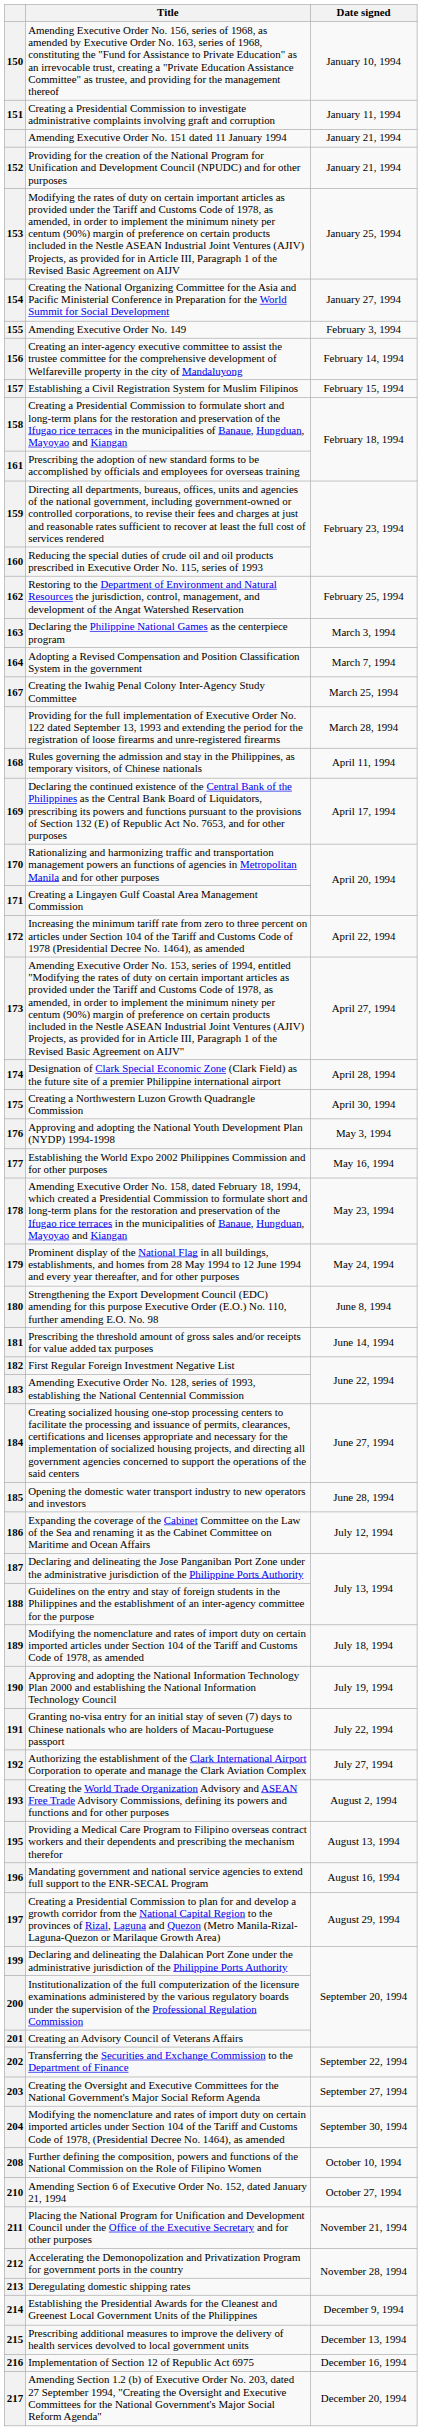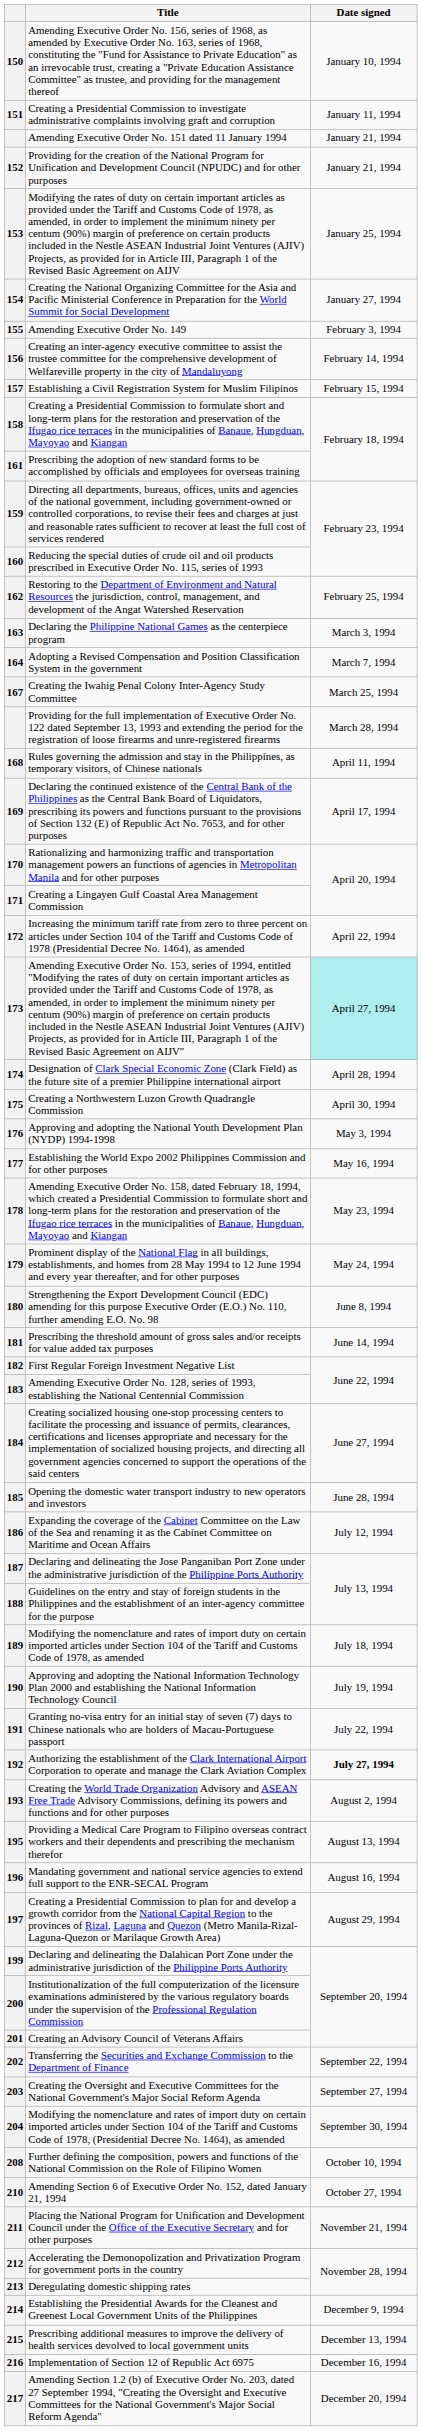 <table class="wikitable sortable" style="text-align:center;">
 <tr>
 <th scope="col"></th>
 <th scope="col">Title</th>
 <th scope="col" width="150px">Date signed</th>
 </tr>
 <tr>
 <th scope="row">150</th>
 <td style="text-align:left;">Amending Executive Order No. 156, series of 1968, as amended by Executive Order No. 163, series of 1968, constituting the "Fund for Assistance to Private Education" as an irrevocable trust, creating a "Private Education Assistance Committee" as trustee, and providing for the management thereof</td>
 <td>January 10, 1994</td>
 </tr>
 <tr>
 <th scope="row">151</th>
 <td style="text-align:left;">Creating a Presidential Commission to investigate administrative complaints involving graft and corruption</td>
 <td>January 11, 1994</td>
 </tr>
 <tr>
 <th scope="row"></th>
 <td style="text-align:left;">Amending Executive Order No. 151 dated 11 January 1994</td>
 <td>January 21, 1994</td>
 </tr>
 <tr>
 <th scope="row">152</th>
 <td style="text-align:left;">Providing for the creation of the National Program for Unification and Development Council (NPUDC) and for other purposes</td>
 <td>January 21, 1994</td>
 </tr>
 <tr>
 <th scope="row">153</th>
 <td style="text-align:left;">Modifying the rates of duty on certain important articles as provided under the Tariff and Customs Code of 1978, as amended, in order to implement the minimum ninety per centum (90%) margin of preference on certain products included in the Nestle ASEAN Industrial Joint Ventures (AJIV) Projects, as provided for in Article III, Paragraph 1 of the Revised Basic Agreement on AIJV</td>
 <td>January 25, 1994</td>
 </tr>
 <tr>
 <th scope="row">154</th>
 <td style="text-align:left;">Creating the National Organizing Committee for the Asia and Pacific Ministerial Conference in Preparation for the <a href='#'>World Summit for Social Development</a></td>
 <td>January 27, 1994</td>
 </tr>
 <tr>
 <th scope="row">155</th>
 <td style="text-align:left;">Amending Executive Order No. 149</td>
 <td>February 3, 1994</td>
 </tr>
 <tr>
 <th scope="row">156</th>
 <td style="text-align:left;">Creating an inter-agency executive committee to assist the trustee committee for the comprehensive development of Welfareville property in the city of <a href='#'>Mandaluyong</a></td>
 <td>February 14, 1994</td>
 </tr>
 <tr>
 <th scope="row">157</th>
 <td style="text-align:left;">Establishing a Civil Registration System for Muslim Filipinos</td>
 <td>February 15, 1994</td>
 </tr>
 <tr>
 <th scope="row">158</th>
 <td style="text-align:left;">Creating a Presidential Commission to formulate short and long-term plans for the restoration and preservation of the <a href='#'>Ifugao rice terraces</a> in the municipalities of <a href='#'>Banaue</a>, <a href='#'>Hungduan</a>, <a href='#'>Mayoyao</a> and <a href='#'>Kiangan</a></td>
 <td rowspan="2">February 18, 1994</td>
 </tr>
 <tr>
 <th scope="row">161</th>
 <td style="text-align:left;">Prescribing the adoption of new standard forms to be accomplished by officials and employees for overseas training</td>
 </tr>
 <tr>
 <th scope="row">159</th>
 <td style="text-align:left;">Directing all departments, bureaus, offices, units and agencies of the national government, including government-owned or controlled corporations, to revise their fees and charges at just and reasonable rates sufficient to recover at least the full cost of services rendered</td>
 <td rowspan="2">February 23, 1994</td>
 </tr>
 <tr>
 <th scope="row">160</th>
 <td style="text-align:left;">Reducing the special duties of crude oil and oil products prescribed in Executive Order No. 115, series of 1993</td>
 </tr>
 <tr>
 <th scope="row">162</th>
 <td style="text-align:left;">Restoring to the <a href='#'>Department of Environment and Natural Resources</a> the jurisdiction, control, management, and development of the Angat Watershed Reservation</td>
 <td>February 25, 1994</td>
 </tr>
 <tr>
 <th scope="row">163</th>
 <td style="text-align:left;">Declaring the <a href='#'>Philippine National Games</a> as the centerpiece program</td>
 <td>March 3, 1994</td>
 </tr>
 <tr>
 <th scope="row">164</th>
 <td style="text-align:left;">Adopting a Revised Compensation and Position Classification System in the government</td>
 <td>March 7, 1994</td>
 </tr>
 <tr>
 <th scope="row">167</th>
 <td style="text-align:left;">Creating the Iwahig Penal Colony Inter-Agency Study Committee</td>
 <td>March 25, 1994</td>
 </tr>
 <tr>
 <th scope="row"></th>
 <td style="text-align:left;">Providing for the full implementation of Executive Order No. 122 dated September 13, 1993 and extending the period for the registration of loose firearms and unre-registered firearms</td>
 <td>March 28, 1994</td>
 </tr>
 <tr>
 <th scope="row">168</th>
 <td style="text-align:left;">Rules governing the admission and stay in the Philippines, as temporary visitors, of Chinese nationals</td>
 <td>April 11, 1994</td>
 </tr>
 <tr>
 <th scope="row">169</th>
 <td style="text-align:left;">Declaring the continued existence of the <a href='#'>Central Bank of the Philippines</a> as the Central Bank Board of Liquidators, prescribing its powers and functions pursuant to the provisions of Section 132 (E) of Republic Act No. 7653, and for other purposes</td>
 <td>April 17, 1994</td>
 </tr>
 <tr>
 <th scope="row">170</th>
 <td style="text-align:left;">Rationalizing and harmonizing traffic and transportation management powers an functions of agencies in <a href='#'>Metropolitan Manila</a> and for other purposes</td>
 <td rowspan="2">April 20, 1994</td>
 </tr>
 <tr>
 <th scope="row">171</th>
 <td style="text-align:left;">Creating a Lingayen Gulf Coastal Area Management Commission</td>
 </tr>
 <tr>
 <th scope="row">172</th>
 <td style="text-align:left;">Increasing the minimum tariff rate from zero to three percent on articles under Section 104 of the Tariff and Customs Code of 1978 (Presidential Decree No. 1464), as amended</td>
 <td>April 22, 1994</td>
 </tr>
 <tr>
 <th scope="row">173</th>
 <td style="text-align:left;">Amending Executive Order No. 153, series of 1994, entitled "Modifying the rates of duty on certain important articles as provided under the Tariff and Customs Code of 1978, as amended, in order to implement the minimum ninety per centum (90%) margin of preference on certain products included in the Nestle ASEAN Industrial Joint Ventures (AJIV) Projects, as provided for in Article III, Paragraph 1 of the Revised Basic Agreement on AIJV"</td>
-<td>April 27, 1994</td>
+<td style="background: paleturquoise;">April 27, 1994</td>
 </tr>
 <tr>
 <th scope="row">174</th>
 <td style="text-align:left;">Designation of <a href='#'>Clark Special Economic Zone</a> (Clark Field) as the future site of a premier Philippine international airport</td>
 <td>April 28, 1994</td>
 </tr>
 <tr>
 <th scope="row">175</th>
 <td style="text-align:left;">Creating a Northwestern Luzon Growth Quadrangle Commission</td>
 <td>April 30, 1994</td>
 </tr>
 <tr>
 <th scope="row">176</th>
 <td style="text-align:left;">Approving and adopting the National Youth Development Plan (NYDP) 1994-1998</td>
 <td>May 3, 1994</td>
 </tr>
 <tr>
 <th scope="row">177</th>
 <td style="text-align:left;">Establishing the World Expo 2002 Philippines Commission and for other purposes</td>
 <td>May 16, 1994</td>
 </tr>
 <tr>
 <th scope="row">178</th>
 <td style="text-align:left;">Amending Executive Order No. 158, dated February 18, 1994, which created a Presidential Commission to formulate short and long-term plans for the restoration and preservation of the <a href='#'>Ifugao rice terraces</a> in the municipalities of <a href='#'>Banaue</a>, <a href='#'>Hungduan</a>, <a href='#'>Mayoyao</a> and <a href='#'>Kiangan</a></td>
 <td>May 23, 1994</td>
 </tr>
 <tr>
 <th scope="row">179</th>
 <td style="text-align:left;">Prominent display of the <a href='#'>National Flag</a> in all buildings, establishments, and homes from 28 May 1994 to 12 June 1994 and every year thereafter, and for other purposes</td>
 <td>May 24, 1994</td>
 </tr>
 <tr>
 <th scope="row">180</th>
 <td style="text-align:left;">Strengthening the Export Development Council (EDC) amending for this purpose Executive Order (E.O.) No. 110, further amending E.O. No. 98</td>
 <td>June 8, 1994</td>
 </tr>
 <tr>
 <th scope="row">181</th>
 <td style="text-align:left;">Prescribing the threshold amount of gross sales and/or receipts for value added tax purposes</td>
 <td>June 14, 1994</td>
 </tr>
 <tr>
 <th scope="row">182</th>
 <td style="text-align:left;">First Regular Foreign Investment Negative List</td>
 <td rowspan="2">June 22, 1994</td>
 </tr>
 <tr>
 <th scope="row">183</th>
 <td style="text-align:left;">Amending Executive Order No. 128, series of 1993, establishing the National Centennial Commission</td>
 </tr>
 <tr>
 <th scope="row">184</th>
 <td style="text-align:left;">Creating socialized housing one-stop processing centers to facilitate the processing and issuance of permits, clearances, certifications and licenses appropriate and necessary for the implementation of socialized housing projects, and directing all government agencies concerned to support the operations of the said centers</td>
 <td>June 27, 1994</td>
 </tr>
 <tr>
 <th scope="row">185</th>
 <td style="text-align:left;">Opening the domestic water transport industry to new operators and investors</td>
 <td>June 28, 1994</td>
 </tr>
 <tr>
 <th scope="row">186</th>
 <td style="text-align:left;">Expanding the coverage of the <a href='#'>Cabinet</a> Committee on the Law of the Sea and renaming it as the Cabinet Committee on Maritime and Ocean Affairs</td>
 <td>July 12, 1994</td>
 </tr>
 <tr>
 <th scope="row">187</th>
 <td style="text-align:left;">Declaring and delineating the Jose Panganiban Port Zone under the administrative jurisdiction of the <a href='#'>Philippine Ports Authority</a></td>
 <td rowspan="2">July 13, 1994</td>
 </tr>
 <tr>
 <th scope="row">188</th>
 <td style="text-align:left;">Guidelines on the entry and stay of foreign students in the Philippines and the establishment of an inter-agency committee for the purpose</td>
 </tr>
 <tr>
 <th scope="row">189</th>
 <td style="text-align:left;">Modifying the nomenclature and rates of import duty on certain imported articles under Section 104 of the Tariff and Customs Code of 1978, as amended</td>
 <td>July 18, 1994</td>
 </tr>
 <tr>
 <th scope="row">190</th>
 <td style="text-align:left;">Approving and adopting the National Information Technology Plan 2000 and establishing the National Information Technology Council</td>
 <td>July 19, 1994</td>
 </tr>
 <tr>
 <th scope="row">191</th>
 <td style="text-align:left;">Granting no-visa entry for an initial stay of seven (7) days to Chinese nationals who are holders of Macau-Portuguese passport</td>
 <td>July 22, 1994</td>
 </tr>
 <tr>
 <th scope="row">192</th>
 <td style="text-align:left;">Authorizing the establishment of the <a href='#'>Clark International Airport</a> Corporation to operate and manage the Clark Aviation Complex</td>
-<td>July 27, 1994</td>
+<td><strong>July 27, 1994</strong></td>
 </tr>
 <tr>
 <th scope="row">193</th>
 <td style="text-align:left;">Creating the <a href='#'>World Trade Organization</a> Advisory and <a href='#'>ASEAN Free Trade</a> Advisory Commissions, defining its powers and functions and for other purposes</td>
 <td>August 2, 1994</td>
 </tr>
 <tr>
 <th scope="row">195</th>
 <td style="text-align:left;">Providing a Medical Care Program to Filipino overseas contract workers and their dependents and prescribing the mechanism therefor</td>
 <td>August 13, 1994</td>
 </tr>
 <tr>
 <th scope="row">196</th>
 <td style="text-align:left;">Mandating government and national service agencies to extend full support to the ENR-SECAL Program</td>
 <td>August 16, 1994</td>
 </tr>
 <tr>
 <th scope="row">197</th>
 <td style="text-align:left;">Creating a Presidential Commission to plan for and develop a growth corridor from the <a href='#'>National Capital Region</a> to the provinces of <a href='#'>Rizal</a>, <a href='#'>Laguna</a> and <a href='#'>Quezon</a> (Metro Manila-Rizal-Laguna-Quezon or Marilaque Growth Area)</td>
 <td>August 29, 1994</td>
 </tr>
 <tr>
 <th scope="row">199</th>
 <td style="text-align:left;">Declaring and delineating the Dalahican Port Zone under the administrative jurisdiction of the <a href='#'>Philippine Ports Authority</a></td>
 <td rowspan="3">September 20, 1994</td>
 </tr>
 <tr>
 <th scope="row">200</th>
 <td style="text-align:left;">Institutionalization of the full computerization of the licensure examinations administered by the various regulatory boards under the supervision of the <a href='#'>Professional Regulation Commission</a></td>
 </tr>
 <tr>
 <th scope="row">201</th>
 <td style="text-align:left;">Creating an Advisory Council of Veterans Affairs</td>
 </tr>
 <tr>
 <th scope="row">202</th>
 <td style="text-align:left;">Transferring the <a href='#'>Securities and Exchange Commission</a> to the <a href='#'>Department of Finance</a></td>
 <td>September 22, 1994</td>
 </tr>
 <tr>
 <th scope="row">203</th>
 <td style="text-align:left;">Creating the Oversight and Executive Committees for the National Government's Major Social Reform Agenda</td>
 <td>September 27, 1994</td>
 </tr>
 <tr>
 <th scope="row">204</th>
 <td style="text-align:left;">Modifying the nomenclature and rates of import duty on certain imported articles under Section 104 of the Tariff and Customs Code of 1978, (Presidential Decree No. 1464), as amended</td>
 <td>September 30, 1994</td>
 </tr>
 <tr>
 <th scope="row">208</th>
 <td style="text-align:left;">Further defining the composition, powers and functions of the National Commission on the Role of Filipino Women</td>
 <td>October 10, 1994</td>
 </tr>
 <tr>
 <th scope="row">210</th>
 <td style="text-align:left;">Amending Section 6 of Executive Order No. 152, dated January 21, 1994</td>
 <td>October 27, 1994</td>
 </tr>
 <tr>
 <th scope="row">211</th>
 <td style="text-align:left;">Placing the National Program for Unification and Development Council under the <a href='#'>Office of the Executive Secretary</a> and for other purposes</td>
 <td>November 21, 1994</td>
 </tr>
 <tr>
 <th scope="row">212</th>
 <td style="text-align:left;">Accelerating the Demonopolization and Privatization Program for government ports in the country</td>
 <td rowspan="2">November 28, 1994</td>
 </tr>
 <tr>
 <th scope="row">213</th>
 <td style="text-align:left;">Deregulating domestic shipping rates</td>
 </tr>
 <tr>
 <th scope="row">214</th>
 <td style="text-align:left;">Establishing the Presidential Awards for the Cleanest and Greenest Local Government Units of the Philippines</td>
 <td>December 9, 1994</td>
 </tr>
 <tr>
 <th scope="row">215</th>
 <td style="text-align:left;">Prescribing additional measures to improve the delivery of health services devolved to local government units</td>
 <td>December 13, 1994</td>
 </tr>
 <tr>
 <th scope="row">216</th>
 <td style="text-align:left;">Implementation of Section 12 of Republic Act 6975</td>
 <td>December 16, 1994</td>
 </tr>
 <tr>
 <th scope="row">217</th>
 <td style="text-align:left;">Amending Section 1.2 (b) of Executive Order No. 203, dated 27 September 1994, "Creating the Oversight and Executive Committees for the National Government's Major Social Reform Agenda"</td>
 <td>December 20, 1994</td>
 </tr>
 </table>
